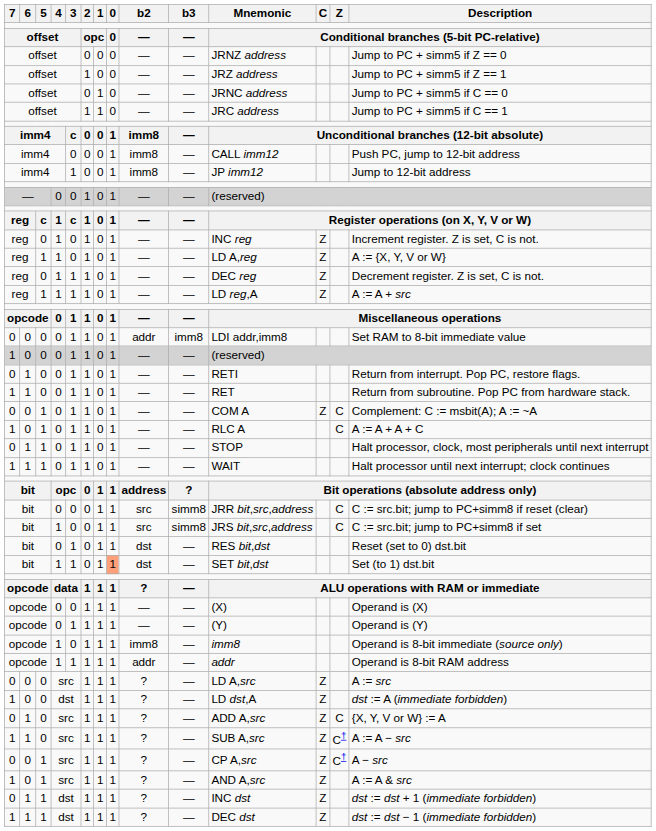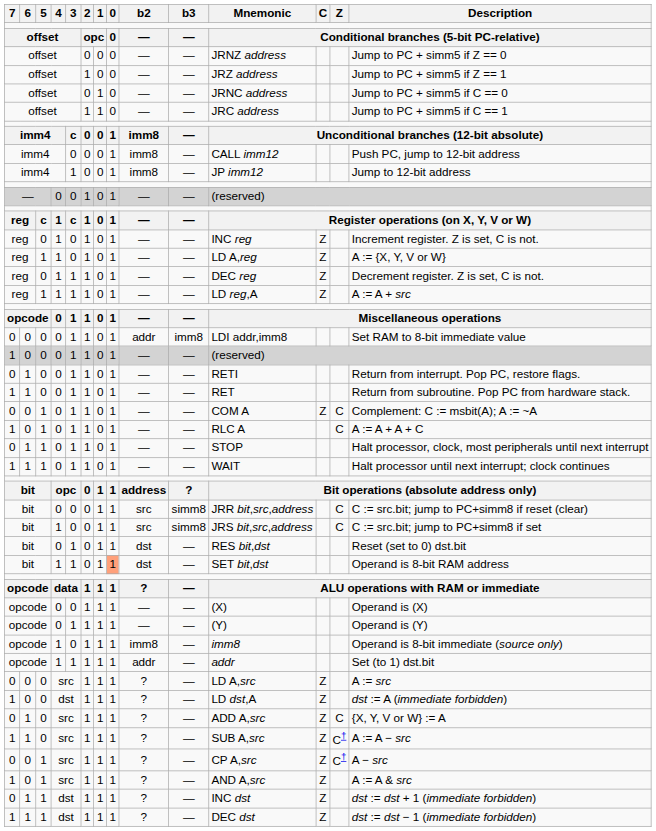 <table class="wikitable" style="text-align:center">
 <tr>
 <th>7</th>
 <th>6</th>
 <th>5</th>
 <th>4</th>
 <th>3</th>
 <th>2</th>
 <th>1</th>
 <th>0</th>
 <th>b2</th>
 <th>b3</th>
 <th>Mnemonic</th>
 <th>C</th>
 <th>Z</th>
 <th>Description</th>
 </tr>
 <tr>
 <td colspan=14></td>
 </tr>
 <tr>
 <th colspan=5>offset</th>
 <th colspan=2>opc</th>
 <th>0</th>
 <th>—</th>
 <th>—</th>
 <th colspan=4>Conditional branches (5-bit PC-relative)</th>
 </tr>
 <tr>
 <td colspan=5>offset</td>
 <td>0</td>
 <td>0</td>
 <td>0</td>
 <td>—</td>
 <td>—</td>
 <td align=left>JRNZ <em>address</em></td>
 <td></td>
 <td></td>
 <td align=left>Jump to PC + simm5 if Z == 0</td>
 </tr>
 <tr>
 <td colspan=5>offset</td>
 <td>1</td>
 <td>0</td>
 <td>0</td>
 <td>—</td>
 <td>—</td>
 <td align=left>JRZ <em>address</em></td>
 <td></td>
 <td></td>
 <td align=left>Jump to PC + simm5 if Z == 1</td>
 </tr>
 <tr>
 <td colspan=5>offset</td>
 <td>0</td>
 <td>1</td>
 <td>0</td>
 <td>—</td>
 <td>—</td>
 <td align=left>JRNC <em>address</em></td>
 <td></td>
 <td></td>
 <td align=left>Jump to PC + simm5 if C == 0</td>
 </tr>
 <tr>
 <td colspan=5>offset</td>
 <td>1</td>
 <td>1</td>
 <td>0</td>
 <td>—</td>
 <td>—</td>
 <td align=left>JRC <em>address</em></td>
 <td></td>
 <td></td>
 <td align=left>Jump to PC + simm5 if C == 1</td>
 </tr>
 <tr>
 <td colspan=14></td>
 </tr>
 <tr>
 <th colspan=4>imm4</th>
 <th>c</th>
 <th>0</th>
 <th>0</th>
 <th>1</th>
 <th>imm8</th>
 <th>—</th>
 <th colspan=4>Unconditional branches (12-bit absolute)</th>
 </tr>
 <tr>
 <td colspan=4>imm4</td>
 <td>0</td>
 <td>0</td>
 <td>0</td>
 <td>1</td>
 <td>imm8</td>
 <td>—</td>
 <td align=left>CALL <em>imm12</em></td>
 <td></td>
 <td></td>
 <td align=left>Push PC, jump to 12-bit address</td>
 </tr>
 <tr>
 <td colspan=4>imm4</td>
 <td>1</td>
 <td>0</td>
 <td>0</td>
 <td>1</td>
 <td>imm8</td>
 <td>—</td>
 <td align=left>JP <em>imm12</em></td>
 <td></td>
 <td></td>
 <td align=left>Jump to 12-bit address</td>
 </tr>
 <tr>
 <td colspan=14></td>
 </tr>
 <tr style="background:lightgrey;">
 <td colspan=3>—</td>
 <td>0</td>
 <td>0</td>
 <td>1</td>
 <td>0</td>
 <td>1</td>
 <td>—</td>
 <td>—</td>
 <td colspan=4 align=left>(reserved)</td>
 </tr>
 <tr>
 <td colspan=14></td>
 </tr>
 <tr>
 <th colspan=2>reg</th>
 <th>c</th>
 <th>1</th>
 <th>c</th>
 <th>1</th>
 <th>0</th>
 <th>1</th>
 <th>—</th>
 <th>—</th>
 <th colspan=4>Register operations (on X, Y, V or W)</th>
 </tr>
 <tr>
 <td colspan=2>reg</td>
 <td>0</td>
 <td>1</td>
 <td>0</td>
 <td>1</td>
 <td>0</td>
 <td>1</td>
 <td>—</td>
 <td>—</td>
 <td align=left>INC <em>reg</em></td>
 <td>Z</td>
 <td></td>
 <td align=left>Increment register.  Z is set, C is not.</td>
 </tr>
 <tr>
 <td colspan=2>reg</td>
 <td>1</td>
 <td>1</td>
 <td>0</td>
 <td>1</td>
 <td>0</td>
 <td>1</td>
 <td>—</td>
 <td>—</td>
 <td align=left>LD A,<em>reg</em></td>
 <td>Z</td>
 <td></td>
 <td align=left>A := {X, Y, V or W}</td>
 </tr>
 <tr>
 <td colspan=2>reg</td>
 <td>0</td>
 <td>1</td>
 <td>1</td>
 <td>1</td>
 <td>0</td>
 <td>1</td>
 <td>—</td>
 <td>—</td>
 <td align=left>DEC <em>reg</em></td>
 <td>Z</td>
 <td></td>
 <td align=left>Decrement register.  Z is set, C is not.</td>
 </tr>
 <tr>
 <td colspan=2>reg</td>
 <td>1</td>
 <td>1</td>
 <td>1</td>
 <td>1</td>
 <td>0</td>
 <td>1</td>
 <td>—</td>
 <td>—</td>
 <td align=left>LD <em>reg</em>,A</td>
 <td>Z</td>
 <td></td>
 <td align=left>A := A + <em>src</em></td>
 </tr>
 <tr>
 <td colspan=14></td>
 </tr>
 <tr>
 <th colspan=3>opcode</th>
 <th>0</th>
 <th>1</th>
 <th>1</th>
 <th>0</th>
 <th>1</th>
 <th>—</th>
 <th>—</th>
 <th colspan=4>Miscellaneous operations</th>
 </tr>
 <tr>
 <td>0</td>
 <td>0</td>
 <td>0</td>
 <td>0</td>
 <td>1</td>
 <td>1</td>
 <td>0</td>
 <td>1</td>
 <td>addr</td>
 <td>imm8</td>
 <td align=left>LDI addr,imm8</td>
 <td></td>
 <td></td>
 <td align=left>Set RAM to 8-bit immediate value</td>
 </tr>
 <tr style="background:lightgrey;">
 <td>1</td>
 <td>0</td>
 <td>0</td>
 <td>0</td>
 <td>1</td>
 <td>1</td>
 <td>0</td>
 <td>1</td>
 <td>—</td>
 <td>—</td>
 <td colspan=4 align=left>(reserved)</td>
 </tr>
 <tr>
 <td>0</td>
 <td>1</td>
 <td>0</td>
 <td>0</td>
 <td>1</td>
 <td>1</td>
 <td>0</td>
 <td>1</td>
 <td>—</td>
 <td>—</td>
 <td align=left>RETI</td>
 <td></td>
 <td></td>
 <td align=left>Return from interrupt.  Pop PC, restore flags.</td>
 </tr>
 <tr>
 <td>1</td>
 <td>1</td>
 <td>0</td>
 <td>0</td>
 <td>1</td>
 <td>1</td>
 <td>0</td>
 <td>1</td>
 <td>—</td>
 <td>—</td>
 <td align=left>RET</td>
 <td></td>
 <td></td>
 <td align=left>Return from subroutine.  Pop PC from hardware stack.</td>
 </tr>
 <tr>
 <td>0</td>
 <td>0</td>
 <td>1</td>
 <td>0</td>
 <td>1</td>
 <td>1</td>
 <td>0</td>
 <td>1</td>
 <td>—</td>
 <td>—</td>
 <td align=left>COM A</td>
 <td>Z</td>
 <td>C</td>
 <td align=left>Complement: C := msbit(A); A := ~A</td>
 </tr>
 <tr>
 <td>1</td>
 <td>0</td>
 <td>1</td>
 <td>0</td>
 <td>1</td>
 <td>1</td>
 <td>0</td>
 <td>1</td>
 <td>—</td>
 <td>—</td>
 <td align=left>RLC A</td>
 <td></td>
 <td>C</td>
 <td align=left>A := A + A + C</td>
 </tr>
 <tr>
 <td>0</td>
 <td>1</td>
 <td>1</td>
 <td>0</td>
 <td>1</td>
 <td>1</td>
 <td>0</td>
 <td>1</td>
 <td>—</td>
 <td>—</td>
 <td align=left>STOP</td>
 <td></td>
 <td></td>
 <td align=left>Halt processor, clock, most peripherals until next interrupt</td>
 </tr>
 <tr>
 <td>1</td>
 <td>1</td>
 <td>1</td>
 <td>0</td>
 <td>1</td>
 <td>1</td>
 <td>0</td>
 <td>1</td>
 <td>—</td>
 <td>—</td>
 <td align=left>WAIT</td>
 <td></td>
 <td></td>
 <td align=left>Halt processor until next interrupt; clock continues</td>
 </tr>
 <tr>
 <td colspan=14></td>
 </tr>
 <tr>
 <th colspan=3>bit</th>
 <th colspan=2>opc</th>
 <th>0</th>
 <th>1</th>
 <th>1</th>
 <th>address</th>
 <th>?</th>
 <th colspan=4>Bit operations (absolute address only)</th>
 </tr>
 <tr>
 <td colspan=3>bit</td>
 <td>0</td>
 <td>0</td>
 <td>0</td>
 <td>1</td>
 <td>1</td>
 <td>src</td>
 <td>simm8</td>
 <td align=left>JRR <em>bit</em>,<em>src</em>,<em>address</em></td>
 <td></td>
 <td>C</td>
 <td align=left>C := src.bit; jump to PC+simm8 if reset (clear)</td>
 </tr>
 <tr>
 <td colspan=3>bit</td>
 <td>1</td>
 <td>0</td>
 <td>0</td>
 <td>1</td>
 <td>1</td>
 <td>src</td>
 <td>simm8</td>
 <td align=left>JRS <em>bit</em>,<em>src</em>,<em>address</em></td>
 <td></td>
 <td>C</td>
 <td align=left>C := src.bit; jump to PC+simm8 if set</td>
 </tr>
 <tr>
 <td colspan=3>bit</td>
 <td>0</td>
 <td>1</td>
 <td>0</td>
 <td>1</td>
 <td>1</td>
 <td>dst</td>
 <td>—</td>
 <td align=left>RES <em>bit</em>,<em>dst</em></td>
 <td></td>
 <td></td>
 <td align=left>Reset (set to 0) dst.bit</td>
 </tr>
 <tr>
 <td colspan=3>bit</td>
 <td>1</td>
 <td>1</td>
 <td>0</td>
 <td>1</td>
 <td style="background: lightsalmon;">1</td>
 <td>dst</td>
 <td>—</td>
 <td align=left>SET <em>bit</em>,<em>dst</em></td>
 <td></td>
 <td></td>
-<td align=left>Set (to 1) dst.bit</td>
+<td align=left>Operand is 8-bit RAM address</td>
 </tr>
 <tr>
 <td colspan=14></td>
 </tr>
 <tr>
 <th colspan=3>opcode</th>
 <th colspan=2>data</th>
 <th>1</th>
 <th>1</th>
 <th>1</th>
 <th>?</th>
 <th>—</th>
 <th colspan=4>ALU operations with RAM or immediate</th>
 </tr>
 <tr>
 <td colspan=3>opcode</td>
 <td>0</td>
 <td>0</td>
 <td>1</td>
 <td>1</td>
 <td>1</td>
 <td>—</td>
 <td>—</td>
 <td align=left>(X)</td>
 <td></td>
 <td></td>
 <td align=left>Operand is (X)</td>
 </tr>
 <tr>
 <td colspan=3>opcode</td>
 <td>0</td>
 <td>1</td>
 <td>1</td>
 <td>1</td>
 <td>1</td>
 <td>—</td>
 <td>—</td>
 <td align=left>(Y)</td>
 <td></td>
 <td></td>
 <td align=left>Operand is (Y)</td>
 </tr>
 <tr>
 <td colspan=3>opcode</td>
 <td>1</td>
 <td>0</td>
 <td>1</td>
 <td>1</td>
 <td>1</td>
 <td>imm8</td>
 <td>—</td>
 <td align=left><em>imm8</em></td>
 <td></td>
 <td></td>
 <td align=left>Operand is 8-bit immediate (<em>source only</em>)</td>
 </tr>
 <tr>
 <td colspan=3>opcode</td>
 <td>1</td>
 <td>1</td>
 <td>1</td>
 <td>1</td>
 <td>1</td>
 <td>addr</td>
 <td>—</td>
 <td align=left><em>addr</em></td>
 <td></td>
 <td></td>
-<td align=left>Operand is 8-bit RAM address</td>
+<td align=left>Set (to 1) dst.bit</td>
 </tr>
 <tr>
 <td>0</td>
 <td>0</td>
 <td>0</td>
 <td colspan=2>src</td>
 <td>1</td>
 <td>1</td>
 <td>1</td>
 <td>?</td>
 <td>—</td>
 <td align=left>LD A,<em>src</em></td>
 <td>Z</td>
 <td></td>
 <td align=left>A := <em>src</em></td>
 </tr>
 <tr>
 <td>1</td>
 <td>0</td>
 <td>0</td>
 <td colspan=2>dst</td>
 <td>1</td>
 <td>1</td>
 <td>1</td>
 <td>?</td>
 <td>—</td>
 <td align=left>LD <em>dst</em>,A</td>
 <td>Z</td>
 <td></td>
 <td align=left><em>dst</em> := A (<em>immediate forbidden</em>)</td>
 </tr>
 <tr>
 <td>0</td>
 <td>1</td>
 <td>0</td>
 <td colspan=2>src</td>
 <td>1</td>
 <td>1</td>
 <td>1</td>
 <td>?</td>
 <td>—</td>
 <td align=left>ADD A,<em>src</em></td>
 <td>Z</td>
 <td>C</td>
 <td align=left>{X, Y, V or W} := A</td>
 </tr>
 <tr>
 <td>1</td>
 <td>1</td>
 <td>0</td>
 <td colspan=2>src</td>
 <td>1</td>
 <td>1</td>
 <td>1</td>
 <td>?</td>
 <td>—</td>
 <td align=left>SUB A,<em>src</em></td>
 <td>Z</td>
 <td>C<sup><a href='#'>†</a></sup></td>
 <td align=left>A := A − <em>src</em></td>
 </tr>
 <tr>
 <td>0</td>
 <td>0</td>
 <td>1</td>
 <td colspan=2>src</td>
 <td>1</td>
 <td>1</td>
 <td>1</td>
 <td>?</td>
 <td>—</td>
 <td align=left>CP A,<em>src</em></td>
 <td>Z</td>
 <td>C<sup><a href='#'>†</a></sup></td>
 <td align=left>A − <em>src</em></td>
 </tr>
 <tr>
 <td>1</td>
 <td>0</td>
 <td>1</td>
 <td colspan=2>src</td>
 <td>1</td>
 <td>1</td>
 <td>1</td>
 <td>?</td>
 <td>—</td>
 <td align=left>AND A,<em>src</em></td>
 <td>Z</td>
 <td></td>
 <td align=left>A := A & <em>src</em></td>
 </tr>
 <tr>
 <td>0</td>
 <td>1</td>
 <td>1</td>
 <td colspan=2>dst</td>
 <td>1</td>
 <td>1</td>
 <td>1</td>
 <td>?</td>
 <td>—</td>
 <td align=left>INC <em>dst</em></td>
 <td>Z</td>
 <td></td>
 <td align=left><em>dst</em> := <em>dst</em> + 1 (<em>immediate forbidden</em>)</td>
 </tr>
 <tr>
 <td>1</td>
 <td>1</td>
 <td>1</td>
 <td colspan=2>dst</td>
 <td>1</td>
 <td>1</td>
 <td>1</td>
 <td>?</td>
 <td>—</td>
 <td align=left>DEC <em>dst</em></td>
 <td>Z</td>
 <td></td>
 <td align=left><em>dst</em> := <em>dst</em> − 1 (<em>immediate forbidden</em>)</td>
 </tr>
 </table>
